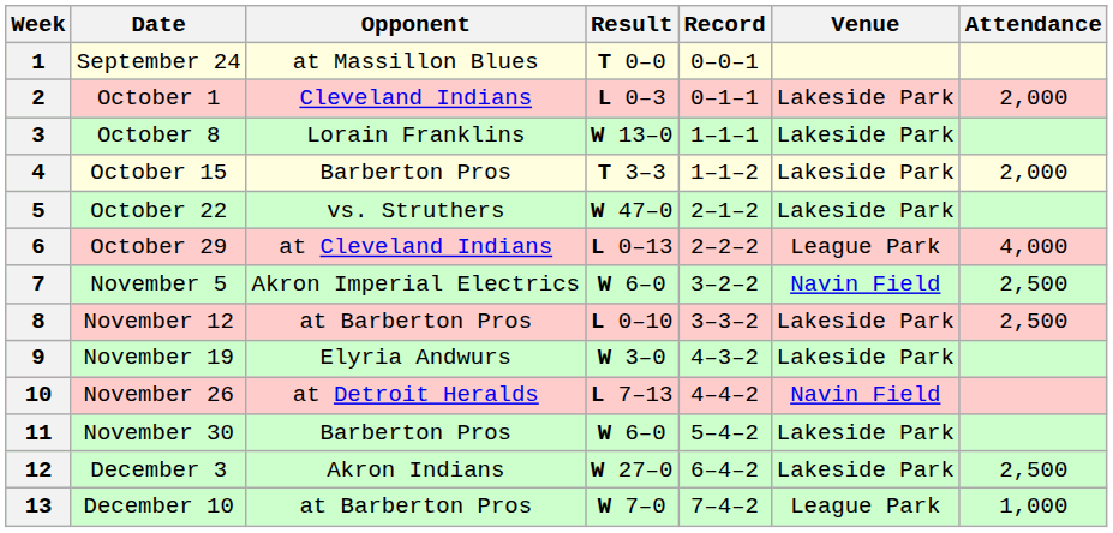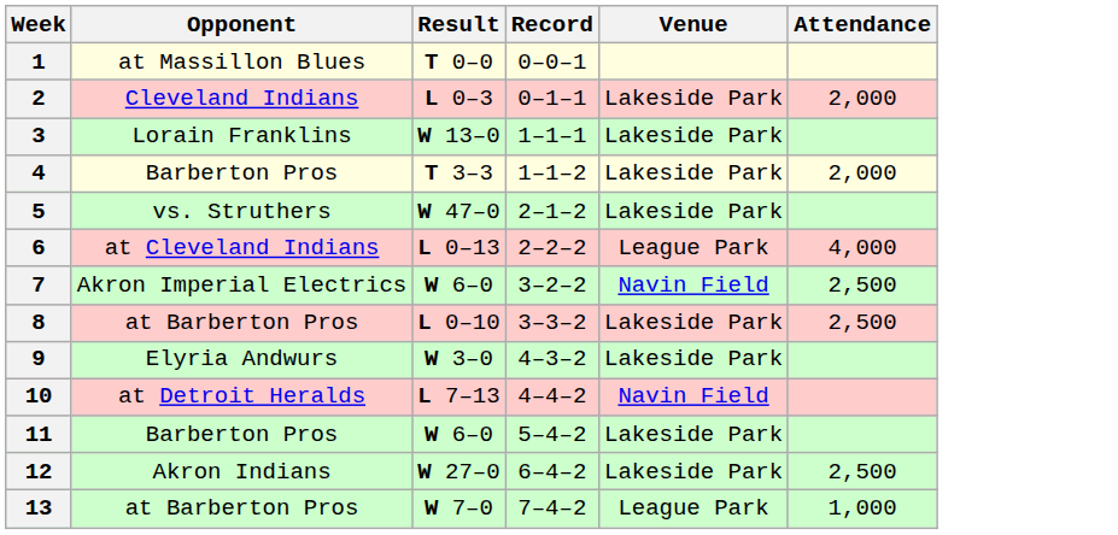 <table class="wikitable" style="text-align:center">
 <tr>
 <th>Week</th>
-<th>Date</th>
 <th>Opponent</th>
 <th>Result</th>
 <th>Record</th>
 <th>Venue</th>
 <th>Attendance</th>
 </tr>
 <tr style="background:lightyellow">
 <th>1</th>
-<td>September 24</td>
 <td>at Massillon Blues</td>
 <td><strong>T</strong> 0–0</td>
 <td>0–0–1</td>
 <td></td>
 <td></td>
 </tr>
 <tr style="background:#fcc">
 <th>2</th>
-<td>October 1</td>
 <td><a href='#'>Cleveland Indians</a></td>
 <td><strong>L</strong> 0–3</td>
 <td>0–1–1</td>
 <td>Lakeside Park</td>
 <td>2,000</td>
 </tr>
 <tr style="background:#cfc">
 <th>3</th>
-<td>October 8</td>
 <td>Lorain Franklins</td>
 <td><strong>W</strong> 13–0</td>
 <td>1–1–1</td>
 <td>Lakeside Park</td>
 <td></td>
 </tr>
 <tr style="background:lightyellow">
 <th>4</th>
-<td>October 15</td>
 <td>Barberton Pros</td>
 <td><strong>T</strong> 3–3</td>
 <td>1–1–2</td>
 <td>Lakeside Park</td>
 <td>2,000</td>
 </tr>
 <tr style="background:#cfc">
 <th>5</th>
-<td>October 22</td>
 <td>vs. Struthers</td>
 <td><strong>W</strong> 47–0</td>
 <td>2–1–2</td>
 <td>Lakeside Park</td>
 <td></td>
 </tr>
 <tr style="background:#fcc">
 <th>6</th>
-<td>October 29</td>
 <td>at <a href='#'>Cleveland Indians</a></td>
 <td><strong>L</strong> 0–13</td>
 <td>2–2–2</td>
 <td>League Park</td>
 <td>4,000</td>
 </tr>
 <tr style="background:#cfc">
 <th>7</th>
-<td>November 5</td>
 <td>Akron Imperial Electrics</td>
 <td><strong>W</strong> 6–0</td>
 <td>3–2–2</td>
 <td><a href='#'>Navin Field</a></td>
 <td>2,500</td>
 </tr>
 <tr style="background:#fcc">
 <th>8</th>
-<td>November 12</td>
 <td>at Barberton Pros</td>
 <td><strong>L</strong> 0–10</td>
 <td>3–3–2</td>
 <td>Lakeside Park</td>
 <td>2,500</td>
 </tr>
 <tr style="background:#cfc">
 <th>9</th>
-<td>November 19</td>
 <td>Elyria Andwurs</td>
 <td><strong>W</strong> 3–0</td>
 <td>4–3–2</td>
 <td>Lakeside Park</td>
 <td></td>
 </tr>
 <tr style="background:#fcc">
 <th>10</th>
-<td>November 26</td>
 <td>at <a href='#'>Detroit Heralds</a></td>
 <td><strong>L</strong> 7–13</td>
 <td>4–4–2</td>
 <td><a href='#'>Navin Field</a></td>
 <td></td>
 </tr>
 <tr style="background:#cfc">
 <th>11</th>
-<td>November 30</td>
 <td>Barberton Pros</td>
 <td><strong>W</strong> 6–0</td>
 <td>5–4–2</td>
 <td>Lakeside Park</td>
 <td></td>
 </tr>
 <tr style="background:#cfc">
 <th>12</th>
-<td>December 3</td>
 <td>Akron Indians</td>
 <td><strong>W</strong> 27–0</td>
 <td>6–4–2</td>
 <td>Lakeside Park</td>
 <td>2,500</td>
 </tr>
 <tr style="background:#cfc">
 <th>13</th>
-<td>December 10</td>
 <td>at Barberton Pros</td>
 <td><strong>W</strong> 7–0</td>
 <td>7–4–2</td>
 <td>League Park</td>
 <td>1,000</td>
 </tr>
 </table>
